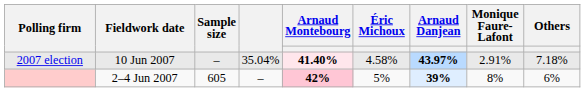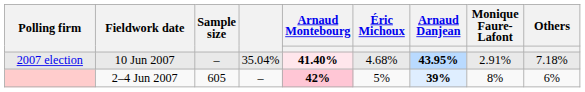 <table class="wikitable sortable" style="text-align:center;font-size:90%;line-height:14px;">
 <tr style="height:40px;">
 <th style="width:100px;" rowspan="2">Polling firm</th>
 <th style="width:110px;" rowspan="2">Fieldwork date</th>
 <th style="width:35px;" rowspan="2">Sample<br>size</th>
 <th style="width:30px;" rowspan="2"></th>
 <th class="unsortable" style="width:60px;"><a href='#'>Arnaud Montebourg</a><br></th>
 <th class="unsortable" style="width:60px;"><a href='#'>Éric Michoux</a><br></th>
 <th class="unsortable" style="width:60px;"><a href='#'>Arnaud Danjean</a><br></th>
 <th class="unsortable" style="width:60px;">Monique Faure-Lafont<br></th>
 <th class="unsortable" style="width:60px;">Others</th>
 </tr>
 <tr>
 <th style="background:"></th>
 <th style="background:"></th>
 <th style="background:"></th>
 <th style="background:"></th>
 <th style="background:"></th>
 </tr>
 <tr style="background:#E9E9E9;">
 <td><a href='#'>2007 election</a></td>
 <td data-sort-value="2007-06-10">10 Jun 2007</td>
 <td>–</td>
 <td>35.04%</td>
 <td style="background:#FFE6EC;"><strong>41.40%</strong></td>
-<td>4.58%</td>
-<td style="background:#B9DAFF;"><strong>43.97%</strong></td>
+<td>4.68%</td>
+<td style="background:#B9DAFF;"><strong>43.95%</strong></td>
 <td>2.91%</td>
 <td>7.18%</td>
 </tr>
 <tr>
 <td style="background:#FFCCCC;"></td>
 <td data-sort-value="2007-06-04">2–4 Jun 2007</td>
 <td>605</td>
 <td>–</td>
 <td style="background:#FFC6D5;"><strong>42%</strong></td>
 <td>5%</td>
 <td style="background:#DFEEFF;"><strong>39%</strong></td>
 <td>8%</td>
 <td>6%</td>
 </tr>
 </table>
